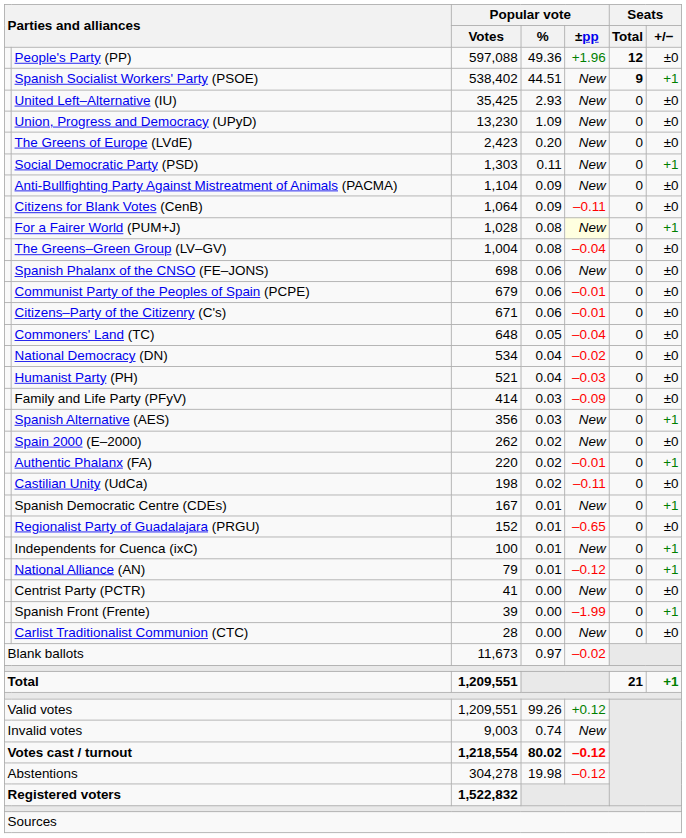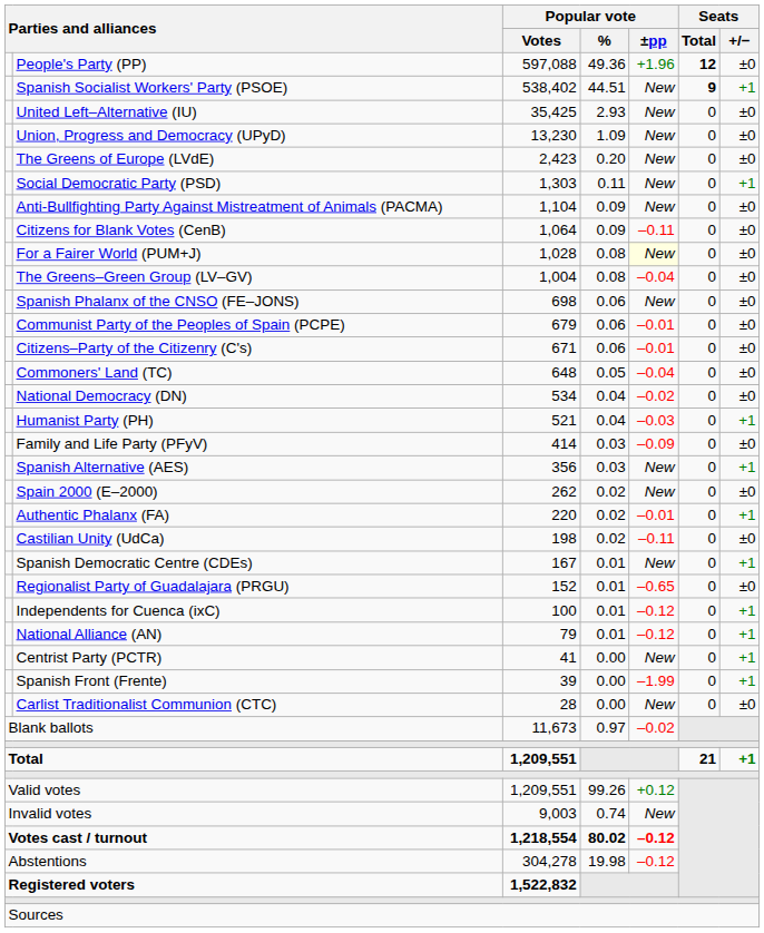 <table class="wikitable" style="text-align:right;">
 <tr>
 <th style="text-align:left;" rowspan="2" colspan="2" width="525">Parties and alliances</th>
 <th colspan="3">Popular vote</th>
 <th colspan="2">Seats</th>
 </tr>
 <tr>
 <th width="75">Votes</th>
 <th width="45">%</th>
 <th width="45">±<a href='#'>pp</a></th>
 <th width="35">Total</th>
 <th width="35">+/−</th>
 </tr>
 <tr>
 <td width="1" style="color:inherit;background:"></td>
 <td align="left"><a href='#'>People's Party</a> (PP)</td>
 <td>597,088</td>
 <td>49.36</td>
 <td style="color:green;">+1.96</td>
 <td><strong>12</strong></td>
 <td>±0</td>
 </tr>
 <tr>
 <td style="color:inherit;background:"></td>
 <td align="left"><a href='#'>Spanish Socialist Workers' Party</a> (PSOE)</td>
 <td>538,402</td>
 <td>44.51</td>
 <td><em>New</em></td>
 <td><strong>9</strong></td>
 <td style="color:green;">+1</td>
 </tr>
 <tr>
 <td style="color:inherit;background:"></td>
 <td align="left"><a href='#'>United Left–Alternative</a> (IU)</td>
 <td>35,425</td>
 <td>2.93</td>
 <td><em>New</em></td>
 <td>0</td>
 <td>±0</td>
 </tr>
 <tr>
 <td style="color:inherit;background:"></td>
 <td align="left"><a href='#'>Union, Progress and Democracy</a> (UPyD)</td>
 <td>13,230</td>
 <td>1.09</td>
 <td><em>New</em></td>
 <td>0</td>
 <td>±0</td>
 </tr>
 <tr>
 <td style="color:inherit;background:"></td>
 <td align="left"><a href='#'>The Greens of Europe</a> (LVdE)</td>
 <td>2,423</td>
 <td>0.20</td>
 <td><em>New</em></td>
 <td>0</td>
 <td>±0</td>
 </tr>
 <tr>
 <td style="color:inherit;background:"></td>
 <td align="left"><a href='#'>Social Democratic Party</a> (PSD)</td>
 <td>1,303</td>
 <td>0.11</td>
 <td><em>New</em></td>
 <td>0</td>
 <td style="color:green;">+1</td>
 </tr>
 <tr>
 <td style="color:inherit;background:"></td>
 <td align="left"><a href='#'>Anti-Bullfighting Party Against Mistreatment of Animals</a> (PACMA)</td>
 <td>1,104</td>
 <td>0.09</td>
 <td><em>New</em></td>
 <td>0</td>
 <td>±0</td>
 </tr>
 <tr>
 <td style="color:inherit;background:"></td>
 <td align="left"><a href='#'>Citizens for Blank Votes</a> (CenB)</td>
 <td>1,064</td>
 <td>0.09</td>
 <td style="color:red;">–0.11</td>
 <td>0</td>
 <td>±0</td>
 </tr>
 <tr>
 <td style="color:inherit;background:"></td>
 <td align="left"><a href='#'>For a Fairer World</a> (PUM+J)</td>
 <td>1,028</td>
 <td>0.08</td>
 <td style="background: lightyellow;"><em>New</em></td>
 <td>0</td>
-<td style="color:green;">+1</td>
+<td>±0</td>
 </tr>
 <tr>
 <td style="color:inherit;background:"></td>
 <td align="left"><a href='#'>The Greens–Green Group</a> (LV–GV)</td>
 <td>1,004</td>
 <td>0.08</td>
 <td style="color:red;">–0.04</td>
 <td>0</td>
 <td>±0</td>
 </tr>
 <tr>
 <td style="color:inherit;background:"></td>
 <td align="left"><a href='#'>Spanish Phalanx of the CNSO</a> (FE–JONS)</td>
 <td>698</td>
 <td>0.06</td>
 <td><em>New</em></td>
 <td>0</td>
 <td>±0</td>
 </tr>
 <tr>
 <td style="color:inherit;background:"></td>
 <td align="left"><a href='#'>Communist Party of the Peoples of Spain</a> (PCPE)</td>
 <td>679</td>
 <td>0.06</td>
 <td style="color:red;">–0.01</td>
 <td>0</td>
 <td>±0</td>
 </tr>
 <tr>
 <td style="color:inherit;background:"></td>
 <td align="left"><a href='#'>Citizens–Party of the Citizenry</a> (C's)</td>
 <td>671</td>
 <td>0.06</td>
 <td style="color:red;">–0.01</td>
 <td>0</td>
 <td>±0</td>
 </tr>
 <tr>
 <td style="color:inherit;background:"></td>
 <td align="left"><a href='#'>Commoners' Land</a> (TC)</td>
 <td>648</td>
 <td>0.05</td>
 <td style="color:red;">–0.04</td>
 <td>0</td>
 <td>±0</td>
 </tr>
 <tr>
 <td style="color:inherit;background:"></td>
 <td align="left"><a href='#'>National Democracy</a> (DN)</td>
 <td>534</td>
 <td>0.04</td>
 <td style="color:red;">–0.02</td>
 <td>0</td>
 <td>±0</td>
 </tr>
 <tr>
 <td style="color:inherit;background:"></td>
 <td align="left"><a href='#'>Humanist Party</a> (PH)</td>
 <td>521</td>
 <td>0.04</td>
 <td style="color:red;">–0.03</td>
 <td>0</td>
-<td>±0</td>
+<td style="color:green;">+1</td>
 </tr>
 <tr>
 <td style="color:inherit;background:"></td>
 <td align="left">Family and Life Party (PFyV)</td>
 <td>414</td>
 <td>0.03</td>
 <td style="color:red;">–0.09</td>
 <td>0</td>
 <td>±0</td>
 </tr>
 <tr>
 <td style="color:inherit;background:"></td>
 <td align="left"><a href='#'>Spanish Alternative</a> (AES)</td>
 <td>356</td>
 <td>0.03</td>
 <td><em>New</em></td>
 <td>0</td>
 <td style="color:green;">+1</td>
 </tr>
 <tr>
 <td style="color:inherit;background:"></td>
 <td align="left"><a href='#'>Spain 2000</a> (E–2000)</td>
 <td>262</td>
 <td>0.02</td>
 <td><em>New</em></td>
 <td>0</td>
 <td>±0</td>
 </tr>
 <tr>
 <td style="color:inherit;background:"></td>
 <td align="left"><a href='#'>Authentic Phalanx</a> (FA)</td>
 <td>220</td>
 <td>0.02</td>
 <td style="color:red;">–0.01</td>
 <td>0</td>
 <td style="color:green;">+1</td>
 </tr>
 <tr>
 <td style="color:inherit;background:"></td>
 <td align="left"><a href='#'>Castilian Unity</a> (UdCa)</td>
 <td>198</td>
 <td>0.02</td>
 <td style="color:red;">–0.11</td>
 <td>0</td>
 <td>±0</td>
 </tr>
 <tr>
 <td style="color:inherit;background:"></td>
 <td align="left">Spanish Democratic Centre (CDEs)</td>
 <td>167</td>
 <td>0.01</td>
 <td><em>New</em></td>
 <td>0</td>
 <td style="color:green;">+1</td>
 </tr>
 <tr>
 <td style="color:inherit;background:"></td>
 <td align="left"><a href='#'>Regionalist Party of Guadalajara</a> (PRGU)</td>
 <td>152</td>
 <td>0.01</td>
 <td style="color:red;">–0.65</td>
 <td>0</td>
 <td>±0</td>
 </tr>
 <tr>
 <td style="color:inherit;background:"></td>
 <td align="left">Independents for Cuenca (ixC)</td>
 <td>100</td>
 <td>0.01</td>
-<td><em>New</em></td>
+<td style="color:red;">–0.12</td>
 <td>0</td>
 <td style="color:green;">+1</td>
 </tr>
 <tr>
 <td style="color:inherit;background:"></td>
 <td align="left"><a href='#'>National Alliance</a> (AN)</td>
 <td>79</td>
 <td>0.01</td>
 <td style="color:red;">–0.12</td>
 <td>0</td>
 <td style="color:green;">+1</td>
 </tr>
 <tr>
 <td style="color:inherit;background:"></td>
 <td align="left">Centrist Party (PCTR)</td>
 <td>41</td>
 <td>0.00</td>
 <td><em>New</em></td>
 <td>0</td>
-<td>±0</td>
+<td style="color:green;">+1</td>
 </tr>
 <tr>
 <td style="color:inherit;background:"></td>
 <td align="left">Spanish Front (Frente)</td>
 <td>39</td>
 <td>0.00</td>
 <td style="color:red;">–1.99</td>
 <td>0</td>
 <td style="color:green;">+1</td>
 </tr>
 <tr>
 <td style="color:inherit;background:"></td>
 <td align="left"><a href='#'>Carlist Traditionalist Communion</a> (CTC)</td>
 <td>28</td>
 <td>0.00</td>
 <td><em>New</em></td>
 <td>0</td>
 <td>±0</td>
 </tr>
 <tr>
 <td align="left" colspan="2">Blank ballots</td>
 <td>11,673</td>
 <td>0.97</td>
 <td style="color:red;">–0.02</td>
 <td bgcolor="#E9E9E9" colspan="2"></td>
 </tr>
 <tr>
 <td colspan="7" bgcolor="#E9E9E9"></td>
 </tr>
 <tr style="font-weight:bold;">
 <td align="left" colspan="2">Total</td>
 <td>1,209,551</td>
 <td bgcolor="#E9E9E9" colspan="2"></td>
 <td>21</td>
 <td style="color:green;">+1</td>
 </tr>
 <tr>
 <td colspan="7" bgcolor="#E9E9E9"></td>
 </tr>
 <tr>
 <td align="left" colspan="2">Valid votes</td>
 <td>1,209,551</td>
 <td>99.26</td>
 <td style="color:green;">+0.12</td>
 <td bgcolor="#E9E9E9" colspan="2" rowspan="5"></td>
 </tr>
 <tr>
 <td align="left" colspan="2">Invalid votes</td>
 <td>9,003</td>
 <td>0.74</td>
 <td><em>New</em></td>
 </tr>
 <tr style="font-weight:bold;">
 <td align="left" colspan="2">Votes cast / turnout</td>
 <td>1,218,554</td>
 <td>80.02</td>
 <td style="color:red;">–0.12</td>
 </tr>
 <tr>
 <td align="left" colspan="2">Abstentions</td>
 <td>304,278</td>
 <td>19.98</td>
 <td style="color:red;">–0.12</td>
 </tr>
 <tr style="font-weight:bold;">
 <td align="left" colspan="2">Registered voters</td>
 <td>1,522,832</td>
 <td bgcolor="#E9E9E9" colspan="2"></td>
 </tr>
 <tr>
 <td colspan="7" bgcolor="#E9E9E9"></td>
 </tr>
 <tr>
 <td align="left" colspan="7">Sources</td>
 </tr>
 </table>
